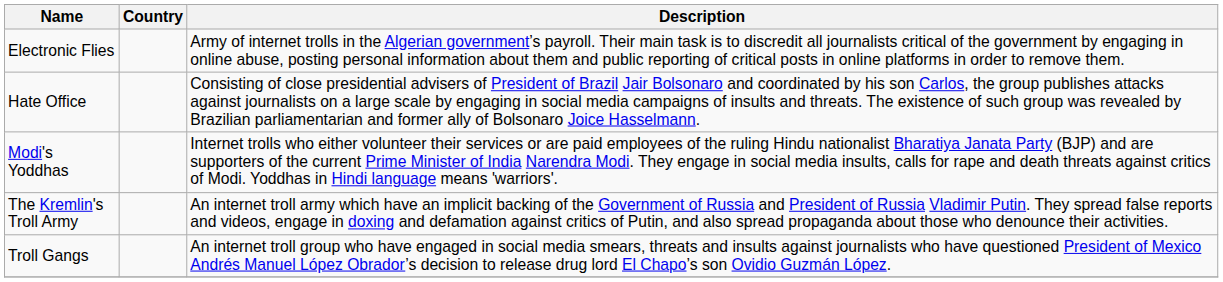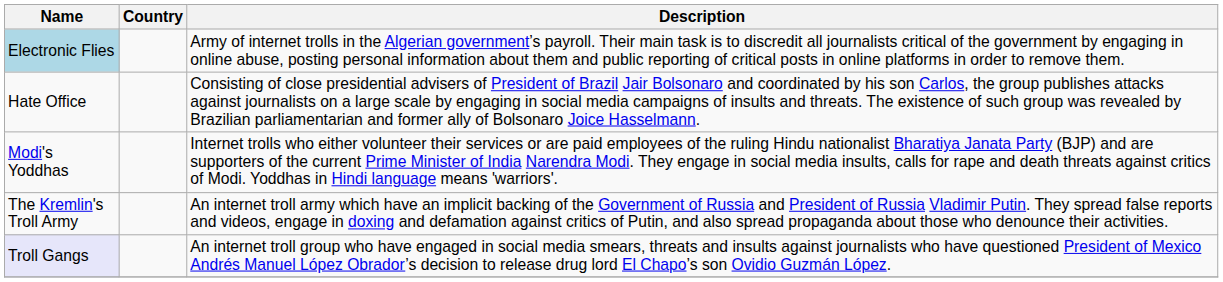 <table class="wikitable sortable" width="98%">
 <tr>
 <th>Name</th>
 <th>Country</th>
 <th>Description</th>
 </tr>
 <tr>
-<td>Electronic Flies</td>
+<td style="background: lightblue;">Electronic Flies</td>
 <td></td>
 <td>Army of internet trolls in the <a href='#'>Algerian government</a>’s payroll. Their main task is to discredit all journalists critical of the government by engaging in online abuse, posting personal information about them and public reporting of critical posts in online platforms in order to remove them.</td>
 </tr>
 <tr>
 <td>Hate Office</td>
 <td></td>
 <td>Consisting of close presidential advisers of <a href='#'>President of Brazil</a> <a href='#'>Jair Bolsonaro</a> and coordinated by his son <a href='#'>Carlos</a>, the group publishes attacks against journalists on a large scale by engaging in social media campaigns of insults and threats. The existence of such group was revealed by Brazilian parliamentarian and former ally of Bolsonaro <a href='#'>Joice Hasselmann</a>.</td>
 </tr>
 <tr>
 <td><a href='#'>Modi</a>'s Yoddhas</td>
 <td></td>
 <td>Internet trolls who either volunteer their services or are paid employees of the ruling Hindu nationalist <a href='#'>Bharatiya Janata Party</a> (BJP) and are supporters of the current <a href='#'>Prime Minister of India</a> <a href='#'>Narendra Modi</a>. They engage in social media insults, calls for rape and death threats against critics of Modi. Yoddhas in <a href='#'>Hindi language</a> means 'warriors'.</td>
 </tr>
 <tr>
 <td>The <a href='#'>Kremlin</a>'s Troll Army</td>
 <td></td>
 <td>An internet troll army which have an implicit backing of the <a href='#'>Government of Russia</a> and <a href='#'>President of Russia</a> <a href='#'>Vladimir Putin</a>. They spread false reports and videos, engage in <a href='#'>doxing</a> and defamation against critics of Putin, and also spread propaganda about those who denounce their activities.</td>
 </tr>
 <tr>
-<td>Troll Gangs</td>
+<td style="background: lavender;">Troll Gangs</td>
 <td></td>
 <td>An internet troll group who have engaged in social media smears, threats and insults against journalists who have questioned <a href='#'>President of Mexico</a> <a href='#'>Andrés Manuel López Obrador</a>’s decision to release drug lord <a href='#'>El Chapo</a>’s son <a href='#'>Ovidio Guzmán López</a>.</td>
 </tr>
 <tr>
 </tr>
 </table>
